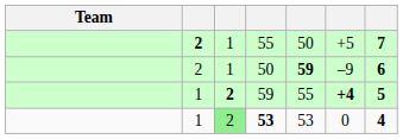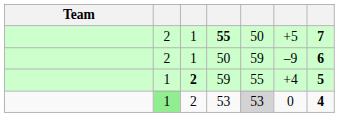 <table class="wikitable" style="text-align:center;">
 <tr>
 <th style="width:10.5em;">Team</th>
 <th style="width:1.5em;"></th>
 <th style="width:1.5em;"></th>
 <th style="width:2.0em;"></th>
 <th style="width:2.0em;"></th>
 <th style="width:2.0em;"></th>
 <th style="width:1.5em;"></th>
 </tr>
 <tr bgcolor=#cfc>
 <td align="left"></td>
-<td><strong>2</strong></td>
+<td>2</td>
 <td>1</td>
-<td>55</td>
+<td><strong>55</strong></td>
 <td>50</td>
 <td>+5</td>
 <td><strong>7</strong></td>
 </tr>
 <tr bgcolor=#cfc>
 <td align="left"></td>
 <td>2</td>
 <td>1</td>
 <td>50</td>
-<td><strong>59</strong></td>
+<td>59</td>
 <td>–9</td>
 <td><strong>6</strong></td>
 </tr>
 <tr bgcolor=#cfc>
 <td align="left"></td>
 <td>1</td>
 <td><strong>2</strong></td>
 <td>59</td>
 <td>55</td>
-<td><strong>+4</strong></td>
+<td>+4</td>
 <td><strong>5</strong></td>
 </tr>
 <tr>
 <td align="left"></td>
-<td>1</td>
-<td style="background: lightgreen;">2</td>
-<td><strong>53</strong></td>
+<td style="background: lightgreen;">1</td>
+<td>2</td>
 <td>53</td>
+<td style="background: lightgrey;">53</td>
 <td>0</td>
 <td><strong>4</strong></td>
 </tr>
 </table>
